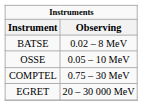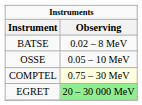 <table class=wikitable style="text-align:center; font-size:11px; float:right; margin:2px">
 <tr style="font-size: smaller;">
 <td colspan=8 align=center><strong>Instruments</strong></td>
 </tr>
 <tr>
 <th>Instrument</th>
 <th>Observing</th>
 </tr>
 <tr>
 <td>BATSE</td>
 <td>0.02 – 8 MeV</td>
 </tr>
 <tr>
 <td>OSSE</td>
 <td>0.05 – 10 MeV</td>
 </tr>
 <tr>
 <td>COMPTEL</td>
-<td>0.75 – 30 MeV</td>
+<td style="background: lightyellow;">0.75 – 30 MeV</td>
 </tr>
 <tr>
 <td>EGRET</td>
-<td>20 – 30 000 MeV</td>
+<td style="background: lightgreen;">20 – 30 000 MeV</td>
 </tr>
 <tr>
 </tr>
 </table>
